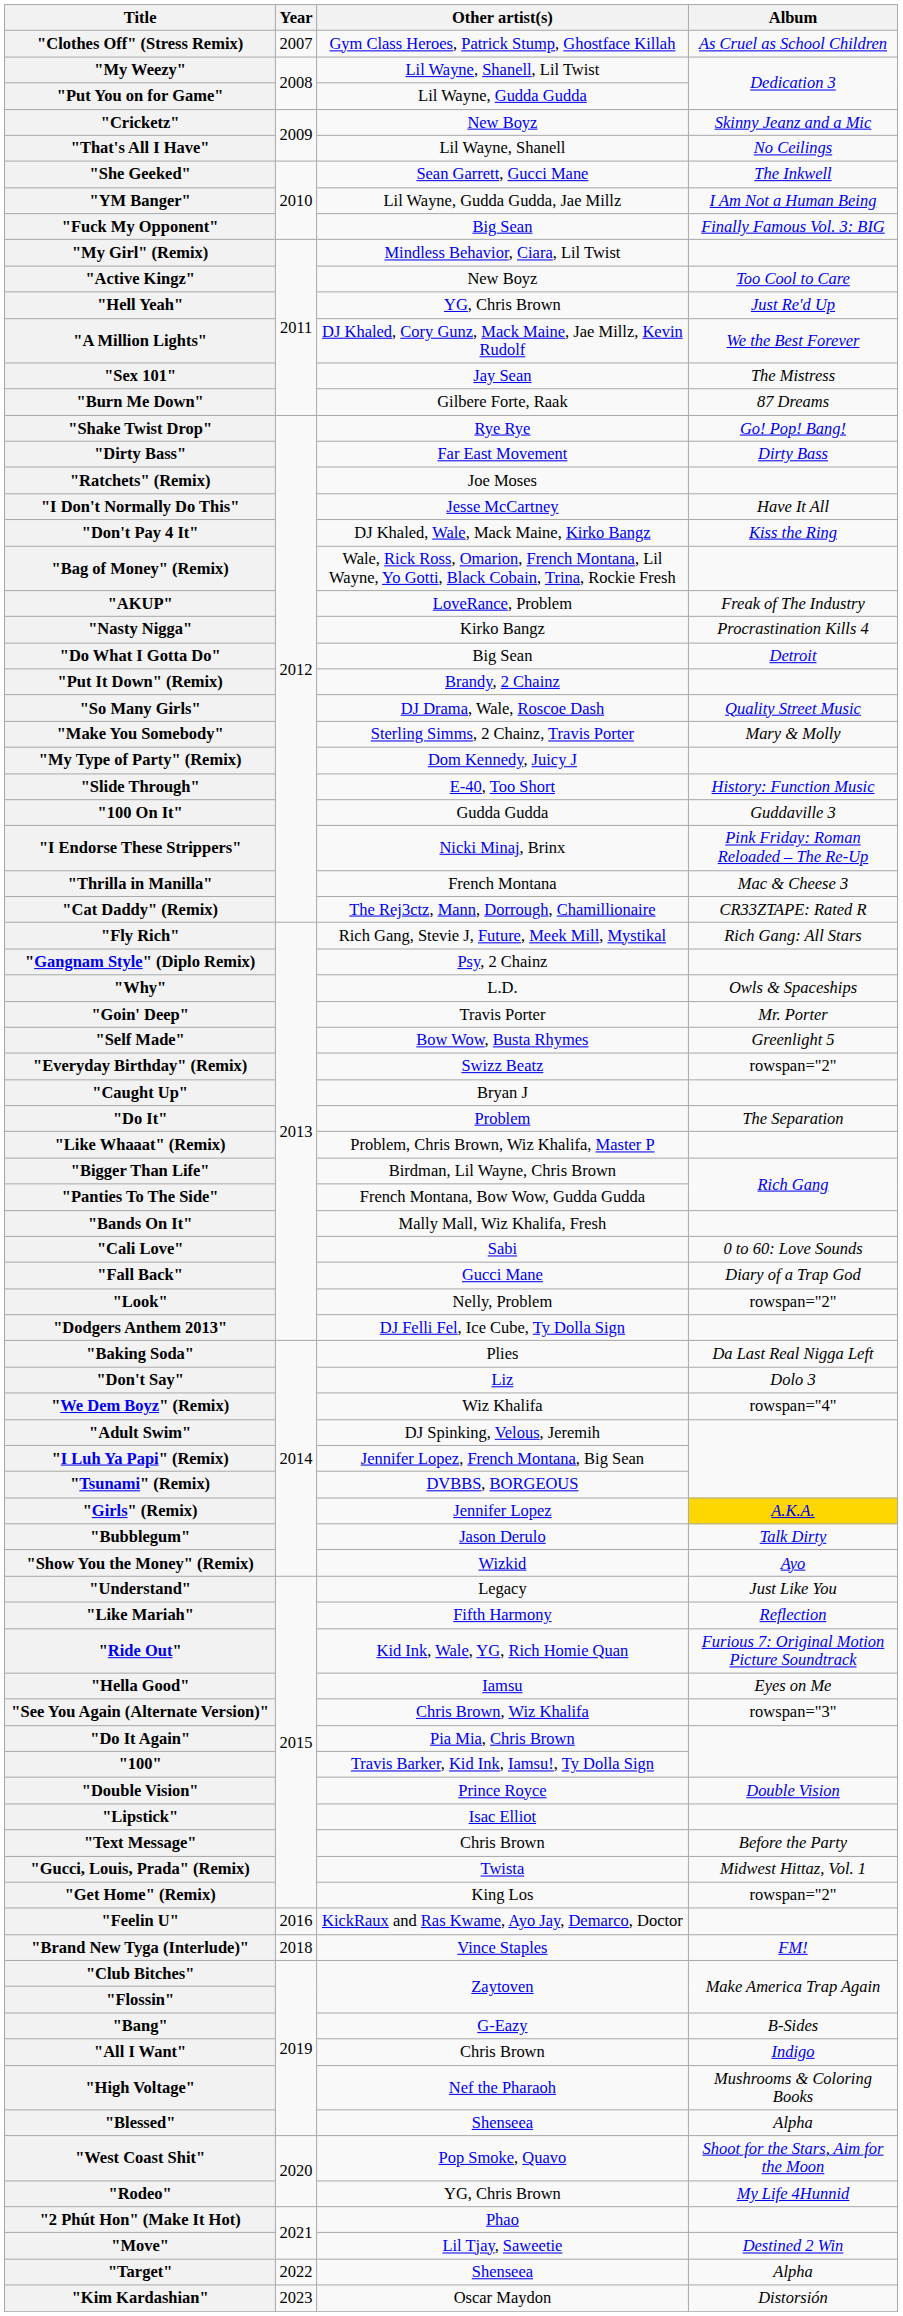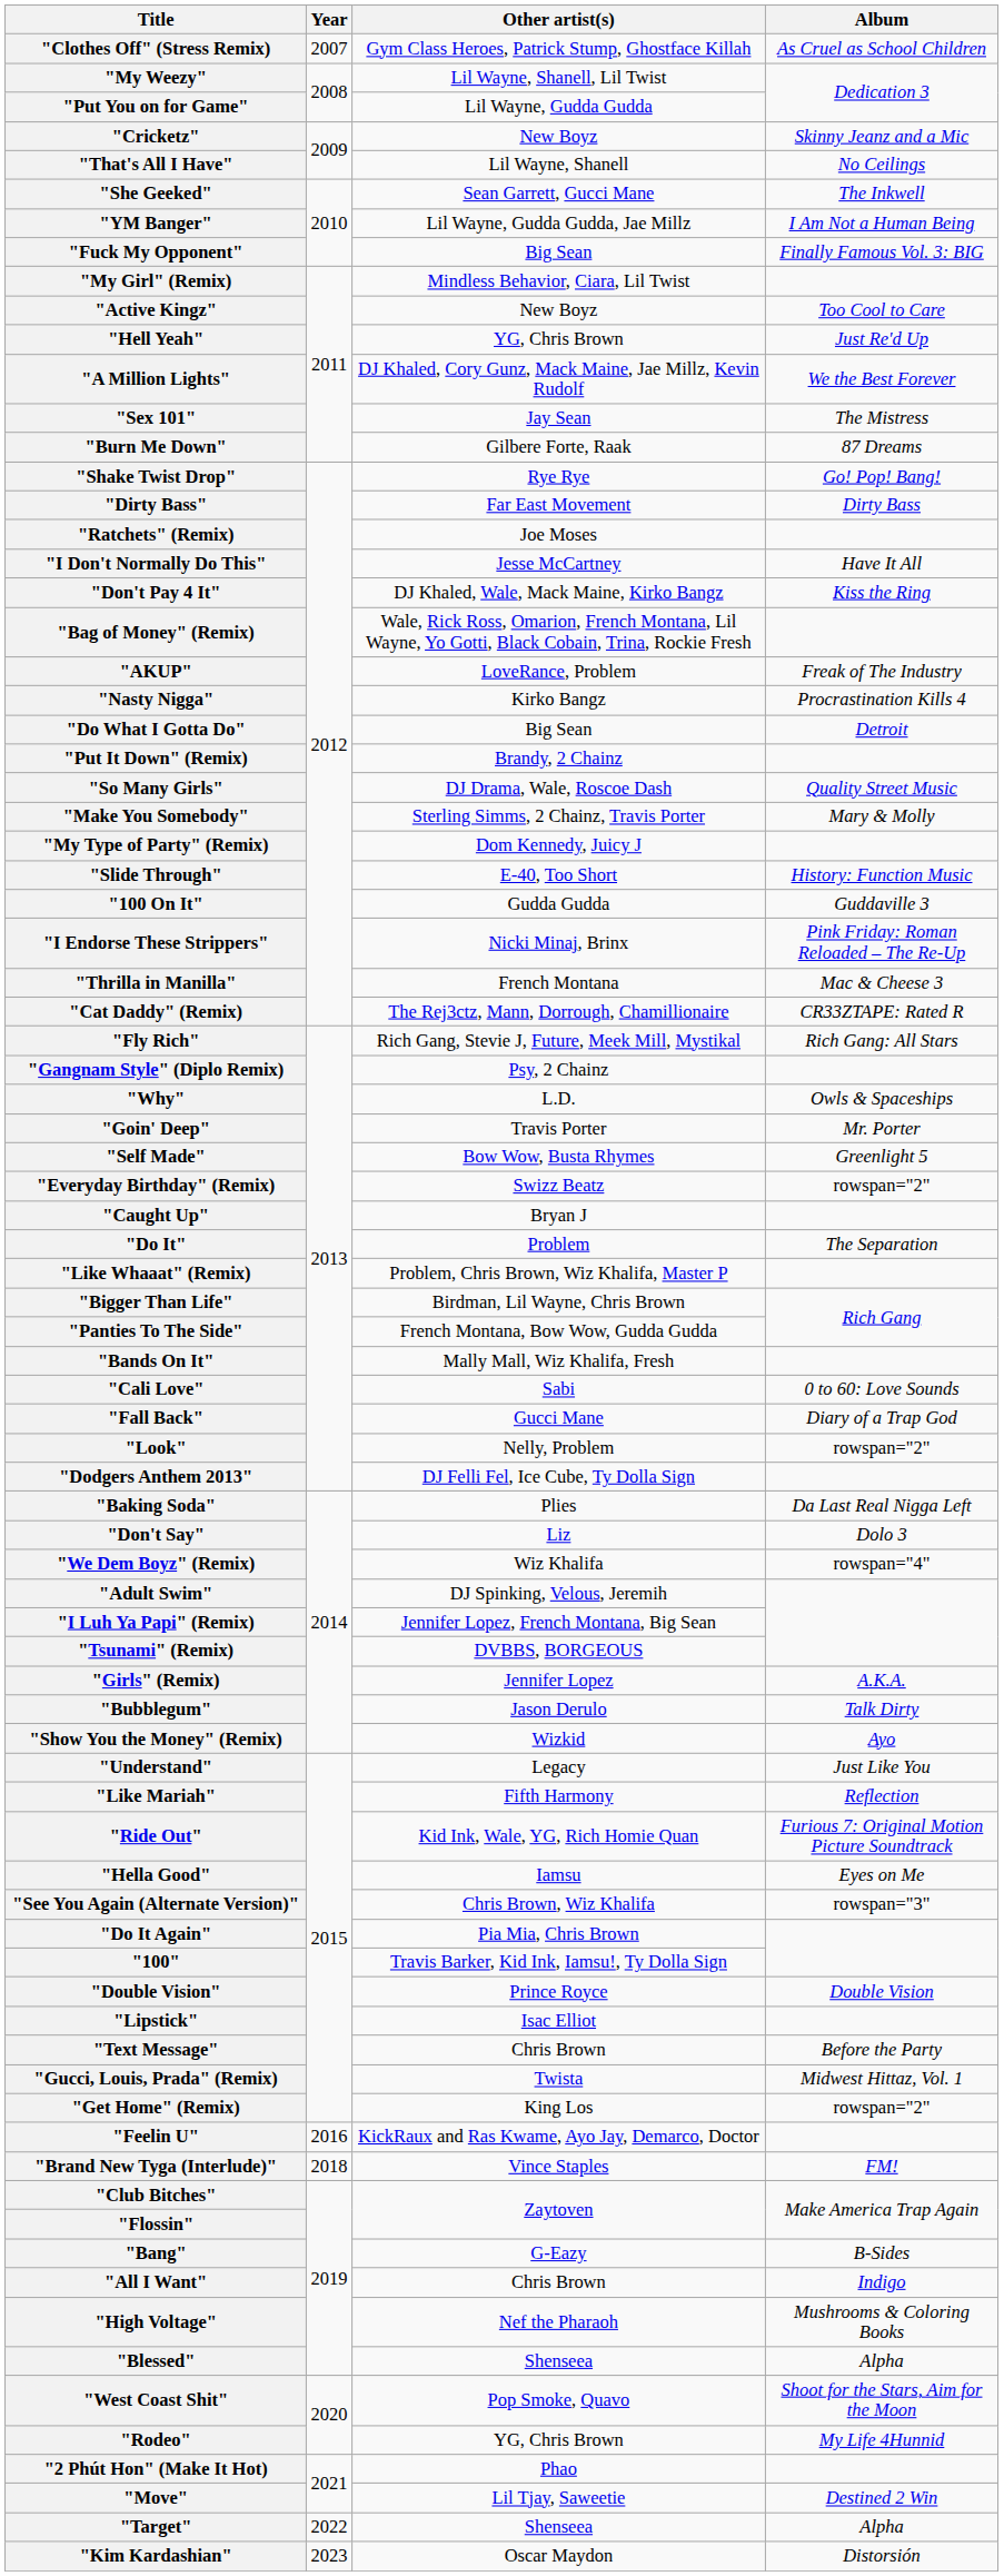 <table class="wikitable plainrowheaders" style="text-align:center;">
 <tr>
 <th scope="col" style="width:16em;">Title</th>
 <th scope="col">Year</th>
 <th scope="col">Other artist(s)</th>
 <th scope="col">Album</th>
 </tr>
 <tr>
 <th scope="row">"Clothes Off" (Stress Remix)</th>
 <td>2007</td>
 <td><a href='#'>Gym Class Heroes</a>, <a href='#'>Patrick Stump</a>, <a href='#'>Ghostface Killah</a></td>
 <td><em><a href='#'>As Cruel as School Children</a></em></td>
 </tr>
 <tr>
 <th scope="row">"My Weezy"</th>
 <td rowspan="2">2008</td>
 <td><a href='#'>Lil Wayne</a>, <a href='#'>Shanell</a>, Lil Twist</td>
 <td rowspan="2"><em><a href='#'>Dedication 3</a></em></td>
 </tr>
 <tr>
 <th scope="row">"Put You on for Game"</th>
 <td>Lil Wayne, <a href='#'>Gudda Gudda</a></td>
 </tr>
 <tr>
 <th scope="row">"Cricketz"</th>
 <td rowspan="2">2009</td>
 <td><a href='#'>New Boyz</a></td>
 <td><em><a href='#'>Skinny Jeanz and a Mic</a></em></td>
 </tr>
 <tr>
 <th scope="row">"That's All I Have"</th>
 <td>Lil Wayne, Shanell</td>
 <td><em><a href='#'>No Ceilings</a></em></td>
 </tr>
 <tr>
 <th scope="row">"She Geeked"</th>
 <td rowspan="3">2010</td>
 <td><a href='#'>Sean Garrett</a>, <a href='#'>Gucci Mane</a></td>
 <td><em><a href='#'>The Inkwell</a></em></td>
 </tr>
 <tr>
 <th scope="row">"YM Banger"</th>
 <td>Lil Wayne, Gudda Gudda, Jae Millz</td>
 <td><em><a href='#'>I Am Not a Human Being</a></em></td>
 </tr>
 <tr>
 <th scope="row">"Fuck My Opponent"</th>
 <td><a href='#'>Big Sean</a></td>
 <td><em><a href='#'>Finally Famous Vol. 3: BIG</a></em></td>
 </tr>
 <tr>
 <th scope="row">"My Girl" (Remix)</th>
 <td rowspan="6">2011</td>
 <td><a href='#'>Mindless Behavior</a>, <a href='#'>Ciara</a>, Lil Twist</td>
 <td></td>
 </tr>
 <tr>
 <th scope="row">"Active Kingz"</th>
 <td>New Boyz</td>
 <td><em><a href='#'>Too Cool to Care</a></em></td>
 </tr>
 <tr>
 <th scope="row">"Hell Yeah"</th>
 <td><a href='#'>YG</a>, Chris Brown</td>
 <td><em><a href='#'>Just Re'd Up</a></em></td>
 </tr>
 <tr>
 <th scope="row">"A Million Lights"</th>
 <td><a href='#'>DJ Khaled</a>, <a href='#'>Cory Gunz</a>, <a href='#'>Mack Maine</a>, Jae Millz, <a href='#'>Kevin Rudolf</a></td>
 <td><em><a href='#'>We the Best Forever</a></em></td>
 </tr>
 <tr>
 <th scope="row">"Sex 101"</th>
 <td><a href='#'>Jay Sean</a></td>
 <td><em>The Mistress</em></td>
 </tr>
 <tr>
 <th scope="row">"Burn Me Down"</th>
 <td>Gilbere Forte, Raak</td>
 <td><em>87 Dreams</em></td>
 </tr>
 <tr>
 <th scope="row">"Shake Twist Drop"</th>
 <td rowspan="18">2012</td>
 <td><a href='#'>Rye Rye</a></td>
 <td><em><a href='#'>Go! Pop! Bang!</a></em></td>
 </tr>
 <tr>
 <th scope="row">"Dirty Bass"</th>
 <td><a href='#'>Far East Movement</a></td>
 <td><em><a href='#'>Dirty Bass</a></em></td>
 </tr>
 <tr>
 <th scope="row">"Ratchets" (Remix)</th>
 <td>Joe Moses</td>
 <td></td>
 </tr>
 <tr>
 <th scope="row">"I Don't Normally Do This"</th>
 <td><a href='#'>Jesse McCartney</a></td>
 <td><em>Have It All</em></td>
 </tr>
 <tr>
 <th scope="row">"Don't Pay 4 It"</th>
 <td>DJ Khaled, <a href='#'>Wale</a>, Mack Maine, <a href='#'>Kirko Bangz</a></td>
 <td><em><a href='#'>Kiss the Ring</a></em></td>
 </tr>
 <tr>
 <th scope="row">"Bag of Money" (Remix)</th>
 <td>Wale, <a href='#'>Rick Ross</a>, <a href='#'>Omarion</a>, <a href='#'>French Montana</a>, Lil Wayne, <a href='#'>Yo Gotti</a>, <a href='#'>Black Cobain</a>, <a href='#'>Trina</a>, Rockie Fresh</td>
 <td></td>
 </tr>
 <tr>
 <th scope="row">"AKUP"</th>
 <td><a href='#'>LoveRance</a>, Problem</td>
 <td><em>Freak of The Industry</em></td>
 </tr>
 <tr>
 <th scope="row">"Nasty Nigga"</th>
 <td>Kirko Bangz</td>
 <td><em>Procrastination Kills 4</em></td>
 </tr>
 <tr>
 <th scope="row">"Do What I Gotta Do"</th>
 <td>Big Sean</td>
 <td><em><a href='#'>Detroit</a></em></td>
 </tr>
 <tr>
 <th scope="row">"Put It Down" (Remix)</th>
 <td><a href='#'>Brandy</a>, <a href='#'>2 Chainz</a></td>
 <td></td>
 </tr>
 <tr>
 <th scope="row">"So Many Girls"</th>
 <td><a href='#'>DJ Drama</a>, Wale, <a href='#'>Roscoe Dash</a></td>
 <td><em><a href='#'>Quality Street Music</a></em></td>
 </tr>
 <tr>
 <th scope="row">"Make You Somebody"</th>
 <td><a href='#'>Sterling Simms</a>, 2 Chainz, <a href='#'>Travis Porter</a></td>
 <td><em>Mary & Molly</em></td>
 </tr>
 <tr>
 <th scope="row">"My Type of Party" (Remix)</th>
 <td><a href='#'>Dom Kennedy</a>, <a href='#'>Juicy J</a></td>
 <td></td>
 </tr>
 <tr>
 <th scope="row">"Slide Through"</th>
 <td><a href='#'>E-40</a>, <a href='#'>Too Short</a></td>
 <td><em><a href='#'>History: Function Music</a></em></td>
 </tr>
 <tr>
 <th scope="row">"100 On It"</th>
 <td>Gudda Gudda</td>
 <td><em>Guddaville 3</em></td>
 </tr>
 <tr>
 <th scope="row">"I Endorse These Strippers"</th>
 <td><a href='#'>Nicki Minaj</a>, Brinx</td>
 <td><em><a href='#'>Pink Friday: Roman Reloaded – The Re-Up</a></em></td>
 </tr>
 <tr>
 <th scope="row">"Thrilla in Manilla"</th>
 <td>French Montana</td>
 <td><em>Mac & Cheese 3</em></td>
 </tr>
 <tr>
 <th scope="row">"Cat Daddy" (Remix)</th>
 <td><a href='#'>The Rej3ctz</a>, <a href='#'>Mann</a>, <a href='#'>Dorrough</a>, <a href='#'>Chamillionaire</a></td>
 <td><em>CR33ZTAPE: Rated R</em></td>
 </tr>
 <tr>
 <th scope="row">"Fly Rich"</th>
 <td rowspan="16">2013</td>
 <td>Rich Gang, Stevie J, <a href='#'>Future</a>, <a href='#'>Meek Mill</a>, <a href='#'>Mystikal</a></td>
 <td><em>Rich Gang: All Stars</em></td>
 </tr>
 <tr>
 <th scope="row">"<a href='#'>Gangnam Style</a>" (Diplo Remix)</th>
 <td><a href='#'>Psy</a>, 2 Chainz</td>
 <td></td>
 </tr>
 <tr>
 <th scope="row">"Why"</th>
 <td>L.D.</td>
 <td><em>Owls & Spaceships</em></td>
 </tr>
 <tr>
 <th scope="row">"Goin' Deep"</th>
 <td>Travis Porter</td>
 <td><em>Mr. Porter</em></td>
 </tr>
 <tr>
 <th scope="row">"Self Made"</th>
 <td><a href='#'>Bow Wow</a>, <a href='#'>Busta Rhymes</a></td>
 <td><em>Greenlight 5</em></td>
 </tr>
 <tr>
 <th scope="row">"Everyday Birthday" (Remix)</th>
 <td><a href='#'>Swizz Beatz</a></td>
 <td>rowspan="2" </td>
 </tr>
 <tr>
 <th scope="row">"Caught Up"</th>
 <td>Bryan J</td>
 </tr>
 <tr>
 <th scope="row">"Do It"</th>
 <td><a href='#'>Problem</a></td>
 <td><em>The Separation</em></td>
 </tr>
 <tr>
 <th scope="row">"Like Whaaat" (Remix)</th>
 <td>Problem, Chris Brown, Wiz Khalifa, <a href='#'>Master P</a></td>
 <td></td>
 </tr>
 <tr>
 <th scope="row">"Bigger Than Life"</th>
 <td>Birdman, Lil Wayne, Chris Brown</td>
 <td rowspan="2"><em><a href='#'>Rich Gang</a></em></td>
 </tr>
 <tr>
 <th scope="row">"Panties To The Side"</th>
 <td>French Montana, Bow Wow, Gudda Gudda</td>
 </tr>
 <tr>
 <th scope="row">"Bands On It"</th>
 <td>Mally Mall, Wiz Khalifa, Fresh</td>
 <td></td>
 </tr>
 <tr>
 <th scope="row">"Cali Love"</th>
 <td><a href='#'>Sabi</a></td>
 <td><em>0 to 60: Love Sounds</em></td>
 </tr>
 <tr>
 <th scope="row">"Fall Back"</th>
 <td><a href='#'>Gucci Mane</a></td>
 <td><em>Diary of a Trap God</em></td>
 </tr>
 <tr>
 <th scope="row">"Look"</th>
 <td>Nelly, Problem</td>
 <td>rowspan="2" </td>
 </tr>
 <tr>
 <th scope="row">"Dodgers Anthem 2013"</th>
 <td><a href='#'>DJ Felli Fel</a>, Ice Cube, <a href='#'>Ty Dolla Sign</a></td>
 </tr>
 <tr>
 <th scope="row">"Baking Soda"</th>
 <td rowspan="9">2014</td>
 <td>Plies</td>
 <td><em>Da Last Real Nigga Left</em></td>
 </tr>
 <tr>
 <th scope="row">"Don't Say"</th>
 <td><a href='#'>Liz</a></td>
 <td><em>Dolo 3</em></td>
 </tr>
 <tr>
 <th scope="row">"<a href='#'>We Dem Boyz</a>" (Remix)</th>
 <td>Wiz Khalifa</td>
 <td>rowspan="4" </td>
 </tr>
 <tr>
 <th scope="row">"Adult Swim"</th>
 <td>DJ Spinking, <a href='#'>Velous</a>, Jeremih</td>
 </tr>
 <tr>
 <th scope="row">"<a href='#'>I Luh Ya Papi</a>" (Remix)</th>
 <td><a href='#'>Jennifer Lopez</a>, <a href='#'>French Montana</a>, Big Sean</td>
 </tr>
 <tr>
 <th scope="row">"<a href='#'>Tsunami</a>" (Remix)</th>
 <td><a href='#'>DVBBS</a>, <a href='#'>BORGEOUS</a></td>
 </tr>
 <tr>
 <th scope="row">"<a href='#'>Girls</a>" (Remix)</th>
 <td><a href='#'>Jennifer Lopez</a></td>
-<td style="background: gold;"><em><a href='#'>A.K.A.</a></em></td>
+<td><em><a href='#'>A.K.A.</a></em></td>
 </tr>
 <tr>
 <th scope="row">"Bubblegum"</th>
 <td><a href='#'>Jason Derulo</a></td>
 <td><em><a href='#'>Talk Dirty</a></em></td>
 </tr>
 <tr>
 <th scope="row">"Show You the Money" (Remix)</th>
 <td><a href='#'>Wizkid</a></td>
 <td><em><a href='#'>Ayo</a></em></td>
 </tr>
 <tr>
 <th scope="row">"Understand"</th>
 <td rowspan="12">2015</td>
 <td>Legacy</td>
 <td><em>Just Like You</em></td>
 </tr>
 <tr>
 <th scope="row">"Like Mariah"</th>
 <td><a href='#'>Fifth Harmony</a></td>
 <td><em><a href='#'>Reflection</a></em></td>
 </tr>
 <tr>
 <th scope="row">"<a href='#'>Ride Out</a>"</th>
 <td><a href='#'>Kid Ink</a>, <a href='#'>Wale</a>, <a href='#'>YG</a>, <a href='#'>Rich Homie Quan</a></td>
 <td><em><a href='#'>Furious 7: Original Motion Picture Soundtrack</a></em></td>
 </tr>
 <tr>
 <th scope="row">"Hella Good"</th>
 <td><a href='#'>Iamsu</a></td>
 <td><em>Eyes on Me</em></td>
 </tr>
 <tr>
 <th scope="row">"See You Again (Alternate Version)"</th>
 <td><a href='#'>Chris Brown</a>, <a href='#'>Wiz Khalifa</a></td>
 <td>rowspan="3" </td>
 </tr>
 <tr>
 <th scope="row">"Do It Again"</th>
 <td><a href='#'>Pia Mia</a>, <a href='#'>Chris Brown</a></td>
 </tr>
 <tr>
 <th scope="row">"100"</th>
 <td><a href='#'>Travis Barker</a>, <a href='#'>Kid Ink</a>, <a href='#'>Iamsu!</a>, <a href='#'>Ty Dolla Sign</a></td>
 </tr>
 <tr>
 <th scope="row">"Double Vision"</th>
 <td><a href='#'>Prince Royce</a></td>
 <td><em><a href='#'>Double Vision</a></em></td>
 </tr>
 <tr>
 <th scope="row">"Lipstick"</th>
 <td><a href='#'>Isac Elliot</a></td>
 <td></td>
 </tr>
 <tr>
 <th scope="row">"Text Message"</th>
 <td>Chris Brown</td>
 <td><em>Before the Party</em></td>
 </tr>
 <tr>
 <th scope="row">"Gucci, Louis, Prada" (Remix)</th>
 <td><a href='#'>Twista</a></td>
 <td><em>Midwest Hittaz, Vol. 1</em></td>
 </tr>
 <tr>
 <th scope="row">"Get Home" (Remix)</th>
 <td>King Los</td>
 <td>rowspan="2" </td>
 </tr>
 <tr>
 <th scope="row">"Feelin U"</th>
 <td>2016</td>
 <td><a href='#'>KickRaux</a> and <a href='#'>Ras Kwame</a>, <a href='#'>Ayo Jay</a>, <a href='#'>Demarco</a>, Doctor</td>
 </tr>
 <tr>
 <th scope="row">"Brand New Tyga (Interlude)"</th>
 <td>2018</td>
 <td><a href='#'>Vince Staples</a></td>
 <td><em><a href='#'>FM!</a></em></td>
 </tr>
 <tr>
 <th scope="row">"Club Bitches"</th>
 <td rowspan="6">2019</td>
 <td rowspan="2"><a href='#'>Zaytoven</a></td>
 <td rowspan="2"><em>Make America Trap Again</em></td>
 </tr>
 <tr>
 <th scope="row">"Flossin"</th>
 </tr>
 <tr>
 <th scope="row">"Bang"</th>
 <td><a href='#'>G-Eazy</a></td>
 <td><em>B-Sides</em></td>
 </tr>
 <tr>
 <th scope="row">"All I Want"</th>
 <td>Chris Brown</td>
 <td><em><a href='#'>Indigo</a></em></td>
 </tr>
 <tr>
 <th scope="row">"High Voltage"</th>
 <td><a href='#'>Nef the Pharaoh</a></td>
 <td><em>Mushrooms & Coloring Books</em></td>
 </tr>
 <tr>
 <th scope="row">"Blessed"</th>
 <td><a href='#'>Shenseea</a></td>
 <td><em>Alpha</em></td>
 </tr>
 <tr>
 <th scope="row">"West Coast Shit"</th>
 <td rowspan="2">2020</td>
 <td><a href='#'>Pop Smoke</a>, <a href='#'>Quavo</a></td>
 <td><em><a href='#'>Shoot for the Stars, Aim for the Moon</a></em></td>
 </tr>
 <tr>
 <th scope="row">"Rodeo"</th>
 <td>YG, Chris Brown</td>
 <td><em><a href='#'>My Life 4Hunnid</a></em></td>
 </tr>
 <tr>
 <th scope="row">"2 Phút Hon" (Make It Hot)</th>
 <td rowspan="2">2021</td>
 <td><a href='#'>Phao</a></td>
 <td></td>
 </tr>
 <tr>
 <th scope="row">"Move"</th>
 <td><a href='#'>Lil Tjay</a>, <a href='#'>Saweetie</a></td>
 <td><em><a href='#'>Destined 2 Win</a></em></td>
 </tr>
 <tr>
 <th scope="row">"Target"</th>
 <td>2022</td>
 <td><a href='#'>Shenseea</a></td>
 <td><em>Alpha</em></td>
 </tr>
 <tr>
 <th scope="row">"Kim Kardashian"</th>
 <td>2023</td>
 <td>Oscar Maydon</td>
 <td><em>Distorsión</em></td>
 </tr>
 </table>
